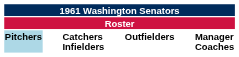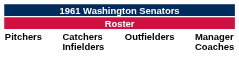 <table class="toccolours" style="font-size: 95%;">
 <tr>
 <th colspan="10" style="background-color: #002B5C; color: #FFFFFF; text-align: center;">1961 Washington Senators</th>
 </tr>
 <tr>
 <td colspan="10" style="background-color: #CE1141; color: #FFFFFF; text-align: center;"><strong>Roster</strong></td>
 </tr>
 <tr>
-<td valign="top" style="background: lightblue;"><strong>Pitchers</strong><br>                  </td>
+<td valign="top"><strong>Pitchers</strong><br>                  </td>
 <td width="25px"></td>
 <td valign="top"><strong>Catchers</strong><br>    <strong>Infielders</strong>             </td>
 <td width="25px"></td>
 <td valign="top"><strong>Outfielders</strong><br>     </td>
 <td width="25px"></td>
 <td valign="top"><strong>Manager</strong><br> <strong>Coaches</strong>    </td>
 </tr>
 <tr>
 </tr>
 </table>
